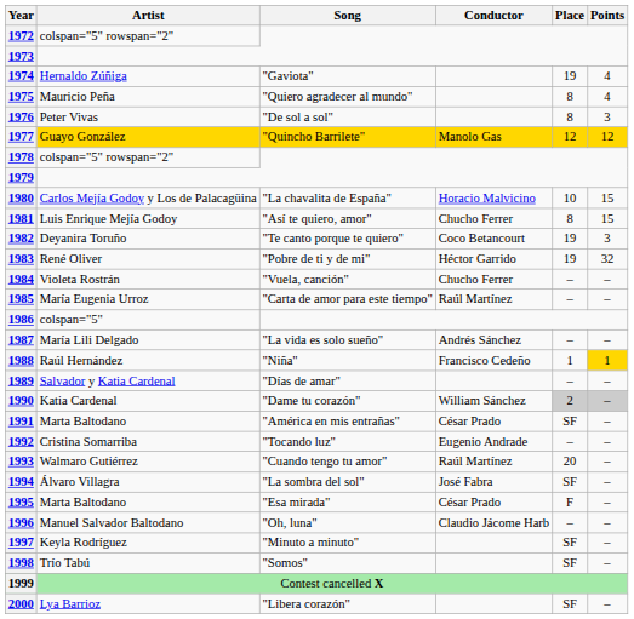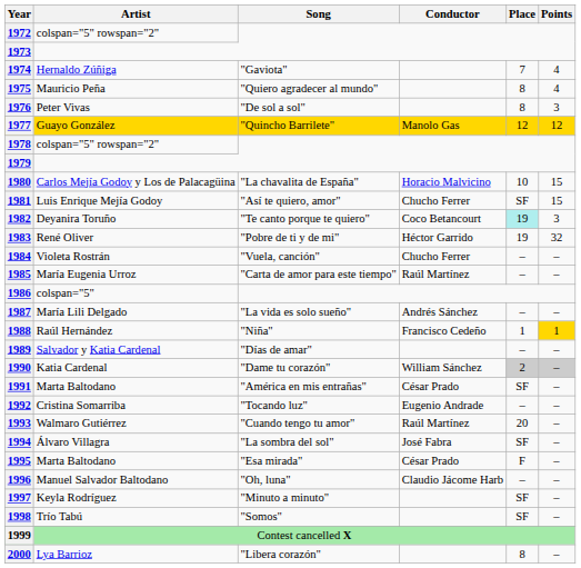 <table class="wikitable sortable plainrowheaders">
 <tr>
 <th scope="col">Year</th>
 <th scope="col">Artist</th>
 <th scope="col">Song</th>
 <th scope="col">Conductor</th>
 <th scope="col" data-sort-type="number">Place</th>
 <th scope="col" data-sort-type="number">Points</th>
 </tr>
 <tr>
 <th scope="row" style="text-align:center;"><a href='#'>1972</a></th>
 <td>colspan="5" rowspan="2" </td>
 </tr>
 <tr>
 <th scope="row" style="text-align:center;"><a href='#'>1973</a></th>
 </tr>
 <tr>
 <th scope="row" style="text-align:center;"><a href='#'>1974</a></th>
 <td><a href='#'>Hernaldo Zúñiga</a></td>
 <td>"Gaviota"</td>
 <td></td>
-<td style="text-align:center;">19</td>
+<td style="text-align:center;">7</td>
 <td style="text-align:center;">4</td>
 </tr>
 <tr>
 <th scope="row" style="text-align:center;"><a href='#'>1975</a></th>
 <td>Mauricio Peña</td>
 <td>"Quiero agradecer al mundo"</td>
 <td></td>
 <td style="text-align:center;">8</td>
 <td style="text-align:center;">4</td>
 </tr>
 <tr>
 <th scope="row" style="text-align:center;"><a href='#'>1976</a></th>
 <td>Peter Vivas</td>
 <td>"De sol a sol"</td>
 <td></td>
 <td style="text-align:center;">8</td>
 <td style="text-align:center;">3</td>
 </tr>
 <tr style="background-color:#FFD700;">
 <th scope="row" style="text-align:center;"><a href='#'>1977</a></th>
 <td>Guayo González</td>
 <td>"Quincho Barrilete"</td>
 <td>Manolo Gas</td>
 <td style="text-align:center;">12</td>
 <td style="text-align:center;">12</td>
 </tr>
 <tr>
 <th scope="row" style="text-align:center;"><a href='#'>1978</a></th>
 <td>colspan="5" rowspan="2" </td>
 </tr>
 <tr>
 <th scope="row" style="text-align:center;"><a href='#'>1979</a></th>
 </tr>
 <tr>
 <th scope="row" style="text-align:center;"><a href='#'>1980</a></th>
 <td><a href='#'>Carlos Mejía Godoy</a> y Los de Palacagüina</td>
 <td>"La chavalita de España"</td>
 <td><a href='#'>Horacio Malvicino</a></td>
 <td style="text-align:center;">10</td>
 <td style="text-align:center;">15</td>
 </tr>
 <tr>
 <th scope="row" style="text-align:center;"><a href='#'>1981</a></th>
 <td>Luis Enrique Mejía Godoy</td>
 <td>"Así te quiero, amor"</td>
 <td>Chucho Ferrer</td>
-<td style="text-align:center;">8</td>
+<td style="text-align:center;">SF</td>
 <td style="text-align:center;">15</td>
 </tr>
 <tr>
 <th scope="row" style="text-align:center;"><a href='#'>1982</a></th>
 <td>Deyanira Toruño</td>
 <td>"Te canto porque te quiero"</td>
 <td>Coco Betancourt</td>
-<td style="text-align:center;">19</td>
+<td style="background: paleturquoise; text-align:center;">19</td>
 <td style="text-align:center;">3</td>
 </tr>
 <tr>
 <th scope="row" style="text-align:center;"><a href='#'>1983</a></th>
 <td>René Oliver</td>
 <td>"Pobre de ti y de mi"</td>
 <td>Héctor Garrido</td>
 <td style="text-align:center;">19</td>
 <td style="text-align:center;">32</td>
 </tr>
 <tr>
 <th scope="row" style="text-align:center;"><a href='#'>1984</a></th>
 <td>Violeta Rostrán</td>
 <td>"Vuela, canción"</td>
 <td>Chucho Ferrer</td>
 <td style="text-align:center;">–</td>
 <td style="text-align:center;">–</td>
 </tr>
 <tr>
 <th scope="row" style="text-align:center;"><a href='#'>1985</a></th>
 <td>María Eugenia Urroz</td>
 <td>"Carta de amor para este tiempo"</td>
 <td>Raúl Martínez</td>
 <td style="text-align:center;">–</td>
 <td style="text-align:center;">–</td>
 </tr>
 <tr>
 <th scope="row" style="text-align:center;"><a href='#'>1986</a></th>
 <td>colspan="5" </td>
 </tr>
 <tr>
 <th scope="row" style="text-align:center;"><a href='#'>1987</a></th>
 <td>María Lili Delgado</td>
 <td>"La vida es solo sueño"</td>
 <td>Andrés Sánchez</td>
 <td style="text-align:center;">–</td>
 <td style="text-align:center;">–</td>
 </tr>
 <tr>
 <th scope="row" style="text-align:center;"><a href='#'>1988</a></th>
 <td>Raúl Hernández</td>
 <td>"Niña"</td>
 <td>Francisco Cedeño</td>
 <td style="text-align:center;">1</td>
 <td style="background: gold; text-align:center;">1</td>
 </tr>
 <tr>
 <th scope="row" style="text-align:center;"><a href='#'>1989</a></th>
 <td><a href='#'>Salvador</a> y <a href='#'>Katia Cardenal</a></td>
 <td>"Días de amar"</td>
 <td></td>
 <td style="text-align:center;">–</td>
 <td style="text-align:center;">–</td>
 </tr>
 <tr>
 <th scope="row" style="text-align:center;"><a href='#'>1990</a></th>
 <td>Katia Cardenal</td>
 <td>"Dame tu corazón"</td>
 <td>William Sánchez</td>
 <td style="text-align:center; background-color:#CCC;">2</td>
 <td style="text-align:center; background-color:#CCC;">–</td>
 </tr>
 <tr>
 <th scope="row" style="text-align:center;"><a href='#'>1991</a></th>
 <td>Marta Baltodano</td>
 <td>"América en mis entrañas"</td>
 <td>César Prado</td>
 <td style="text-align:center;">SF</td>
 <td style="text-align:center;">–</td>
 </tr>
 <tr>
 <th scope="row" style="text-align:center;"><a href='#'>1992</a></th>
 <td>Cristina Somarriba</td>
 <td>"Tocando luz"</td>
 <td>Eugenio Andrade</td>
 <td style="text-align:center;">–</td>
 <td style="text-align:center;">–</td>
 </tr>
 <tr>
 <th scope="row" style="text-align:center;"><a href='#'>1993</a></th>
 <td>Walmaro Gutiérrez</td>
 <td>"Cuando tengo tu amor"</td>
 <td>Raúl Martínez</td>
 <td style="text-align:center;">20</td>
 <td style="text-align:center;">–</td>
 </tr>
 <tr>
 <th scope="row" style="text-align:center;"><a href='#'>1994</a></th>
 <td>Álvaro Villagra</td>
 <td>"La sombra del sol"</td>
 <td>José Fabra</td>
 <td style="text-align:center;">SF</td>
 <td style="text-align:center;">–</td>
 </tr>
 <tr>
 <th scope="row" style="text-align:center;"><a href='#'>1995</a></th>
 <td>Marta Baltodano</td>
 <td>"Esa mirada"</td>
 <td>César Prado</td>
 <td style="text-align:center;">F</td>
 <td style="text-align:center;">–</td>
 </tr>
 <tr>
 <th scope="row" style="text-align:center;"><a href='#'>1996</a></th>
 <td>Manuel Salvador Baltodano</td>
 <td>"Oh, luna"</td>
 <td>Claudio Jácome Harb</td>
 <td style="text-align:center;">–</td>
 <td style="text-align:center;">–</td>
 </tr>
 <tr>
 <th scope="row" style="text-align:center;"><a href='#'>1997</a></th>
 <td>Keyla Rodríguez</td>
 <td>"Minuto a minuto"</td>
 <td></td>
 <td style="text-align:center;">SF</td>
 <td style="text-align:center;">–</td>
 </tr>
 <tr>
 <th scope="row" style="text-align:center;"><a href='#'>1998</a></th>
 <td>Trío Tabú</td>
 <td>"Somos"</td>
 <td></td>
 <td style="text-align:center;">SF</td>
 <td style="text-align:center;">–</td>
 </tr>
 <tr style="background-color:#A4EAA9;">
 <th scope="row" style="text-align:center;">1999</th>
 <td colspan="5" style="text-align:center;">Contest cancelled <strong>X</strong></td>
 </tr>
 <tr>
 <th scope="row" style="text-align:center;"><a href='#'>2000</a></th>
 <td><a href='#'>Lya Barrioz</a></td>
 <td>"Libera corazón"</td>
 <td></td>
-<td style="text-align:center;">SF</td>
+<td style="text-align:center;">8</td>
 <td style="text-align:center;">–</td>
 </tr>
 </table>
